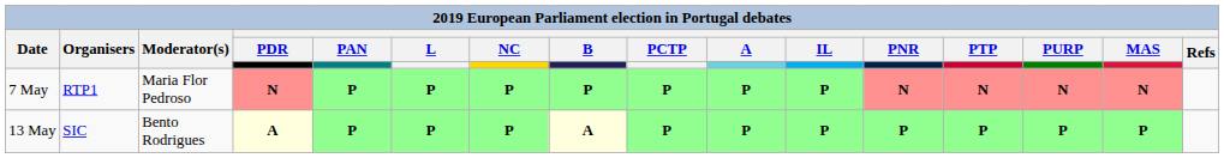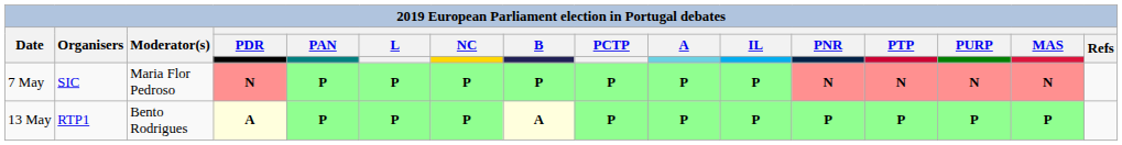 <table class="wikitable" style="font-size:98%; text-align:center;">
 <tr>
 <th style="background:#B0C4DE" colspan="22">2019 European Parliament election in Portugal debates</th>
 </tr>
 <tr>
 <th rowspan="3">Date</th>
 <th rowspan="3">Organisers</th>
 <th rowspan="3">Moderator(s)</th>
 <th colspan="19">      </th>
 </tr>
 <tr>
 <th scope="col" style="width:5em;"><a href='#'>PDR</a></th>
 <th scope="col" style="width:5em;"><a href='#'>PAN</a></th>
 <th scope="col" style="width:5em;"><a href='#'>L</a></th>
 <th scope="col" style="width:5em;"><a href='#'>NC</a></th>
 <th scope="col" style="width:5em;"><a href='#'>B</a></th>
 <th scope="col" style="width:5em;"><a href='#'>PCTP</a></th>
 <th scope="col" style="width:5em;"><a href='#'>A</a></th>
 <th scope="col" style="width:5em;"><a href='#'>IL</a></th>
 <th scope="col" style="width:5em;"><a href='#'>PNR</a></th>
 <th scope="col" style="width:5em;"><a href='#'>PTP</a></th>
 <th scope="col" style="width:5em;"><a href='#'>PURP</a></th>
 <th scope="col" style="width:5em;"><a href='#'>MAS</a></th>
 <th rowspan="2">Refs</th>
 </tr>
 <tr>
 <th style="color:inherit;background:black;"></th>
 <th style="color:inherit;background:Teal;"></th>
 <th style="color:inherit;background:"></th>
 <th style="color:inherit;background:gold;"></th>
 <th style="color:inherit;background:#202056;"></th>
 <th style="color:inherit;background:"></th>
 <th style="color:inherit;background:#6AD1E3;"></th>
 <th style="color:inherit;background:#00ADEF;"></th>
 <th style="color:inherit;background:#002147;"></th>
 <th style="color:inherit;background:#CC0033;"></th>
 <th style="color:inherit;background:green;"></th>
 <th style="color:inherit;background:crimson;"></th>
 </tr>
 <tr>
 <td style="white-space:nowrap; text-align:left;">7 May</td>
-<td style="white-space:nowrap; text-align:left;"><a href='#'>RTP1</a></td>
+<td style="white-space:nowrap; text-align:left;"><a href='#'>SIC</a></td>
 <td style="white-space:nowrap; text-align:left;">Maria Flor<br>Pedroso</td>
 <td style="background:#FF9090;"><strong>N</strong><br></td>
 <td style="background:#90FF90;"><strong>P</strong><br></td>
 <td style="background:#90FF90;"><strong>P</strong><br></td>
 <td style="background:#90FF90;"><strong>P</strong><br></td>
 <td style="background:#90FF90;"><strong>P</strong><br></td>
 <td style="background:#90FF90;"><strong>P</strong><br></td>
 <td style="background:#90FF90;"><strong>P</strong><br></td>
 <td style="background:#90FF90;"><strong>P</strong><br></td>
 <td style="background:#FF9090;"><strong>N</strong><br></td>
 <td style="background:#FF9090;"><strong>N</strong><br></td>
 <td style="background:#FF9090;"><strong>N</strong><br></td>
 <td style="background:#FF9090;"><strong>N</strong><br></td>
 <td></td>
 </tr>
 <tr>
 <td style="white-space:nowrap; text-align:left;">13 May</td>
-<td style="white-space:nowrap; text-align:left;"><a href='#'>SIC</a></td>
+<td style="white-space:nowrap; text-align:left;"><a href='#'>RTP1</a></td>
 <td style="white-space:nowrap; text-align:left;">Bento<br>Rodrigues</td>
 <td style="background:#ffffdd;"><strong>A</strong><br></td>
 <td style="background:#90FF90;"><strong>P</strong><br></td>
 <td style="background:#90FF90;"><strong>P</strong><br></td>
 <td style="background:#90FF90;"><strong>P</strong><br></td>
 <td style="background:#ffffdd;"><strong>A</strong><br></td>
 <td style="background:#90FF90;"><strong>P</strong><br></td>
 <td style="background:#90FF90;"><strong>P</strong><br></td>
 <td style="background:#90FF90;"><strong>P</strong><br></td>
 <td style="background:#90FF90;"><strong>P</strong><br></td>
 <td style="background:#90FF90;"><strong>P</strong><br></td>
 <td style="background:#90FF90;"><strong>P</strong><br></td>
 <td style="background:#90FF90;"><strong>P</strong><br></td>
 <td></td>
 </tr>
 </table>
